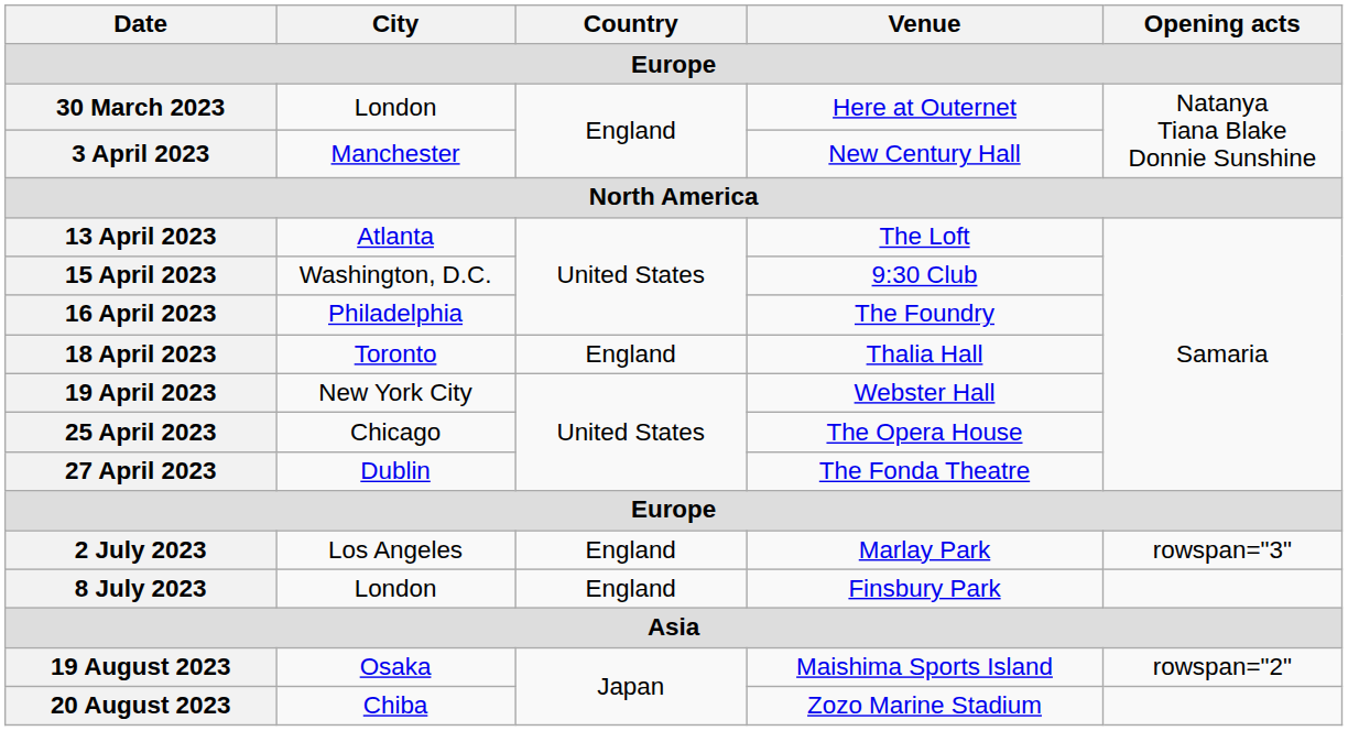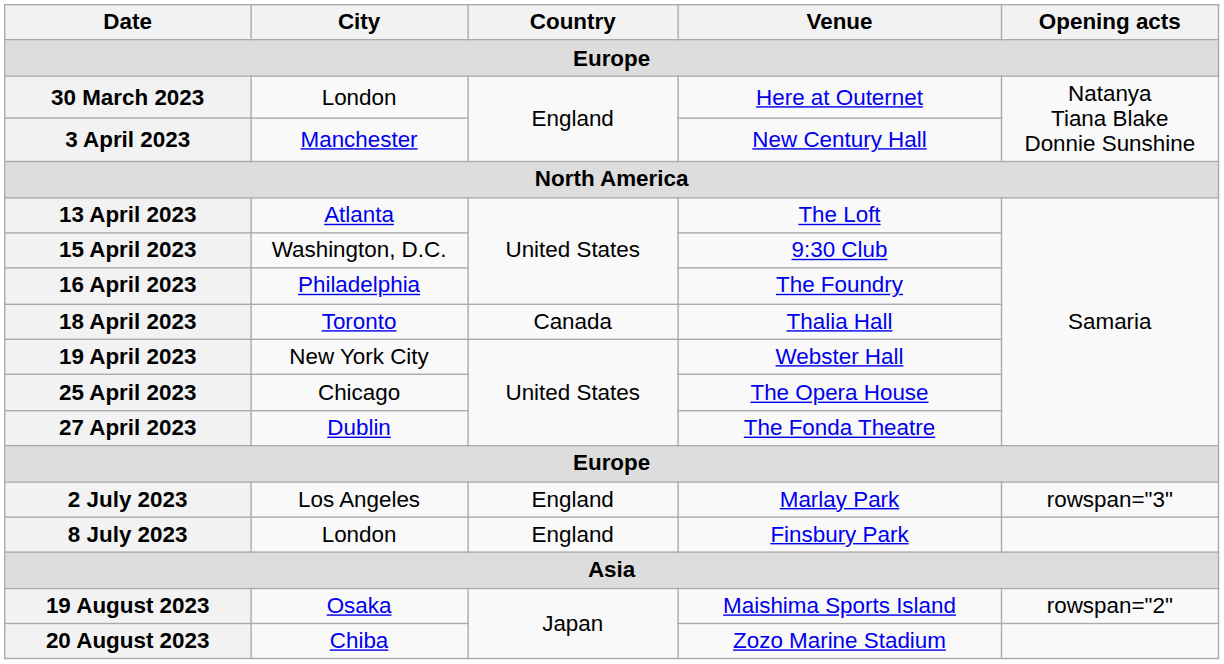 <table class="wikitable plainrowheaders" style="text-align:center;">
 <tr>
 <th scope="col" style="width:12em;">Date</th>
 <th scope="col" style="width:10em;">City</th>
 <th scope="col" style="width:10em;">Country</th>
 <th scope="col" style="width:16em;">Venue</th>
 <th scope="col" style="width:10em;">Opening acts</th>
 </tr>
 <tr>
 <th style="background:#dddddd;" colspan="7">Europe</th>
 </tr>
 <tr>
 <th scope="row" style="text-align:center;">30 March 2023</th>
 <td>London</td>
 <td rowspan="2">England</td>
 <td><a href='#'>Here at Outernet</a></td>
 <td rowspan="2">Natanya<br>Tiana Blake<br>Donnie Sunshine</td>
 </tr>
 <tr>
 <th scope="row" style="text-align:center;">3 April 2023</th>
 <td><a href='#'>Manchester</a></td>
 <td><a href='#'>New Century Hall</a></td>
 </tr>
 <tr>
 <th style="background:#dddddd;" colspan="7">North America</th>
 </tr>
 <tr>
 <th scope="row" style="text-align:center;">13 April 2023</th>
 <td><a href='#'>Atlanta</a></td>
 <td rowspan=3>United States</td>
 <td><a href='#'>The Loft</a></td>
 <td rowspan="7">Samaria</td>
 </tr>
 <tr>
 <th scope="row" style="text-align:center;">15 April 2023</th>
 <td>Washington, D.C.</td>
 <td><a href='#'>9:30 Club</a></td>
 </tr>
 <tr>
 <th scope="row" style="text-align:center;">16 April 2023</th>
 <td><a href='#'>Philadelphia</a></td>
 <td><a href='#'>The Foundry</a></td>
 </tr>
 <tr>
 <th scope="row" style="text-align:center;">18 April 2023</th>
 <td><a href='#'>Toronto</a></td>
-<td>England</td>
+<td>Canada</td>
 <td><a href='#'>Thalia Hall</a></td>
 </tr>
 <tr>
 <th scope="row" style="text-align:center;">19 April 2023</th>
 <td>New York City</td>
 <td rowspan=3>United States</td>
 <td><a href='#'>Webster Hall</a></td>
 </tr>
 <tr>
 <th scope="row" style="text-align:center;">25 April 2023</th>
 <td>Chicago</td>
 <td><a href='#'>The Opera House</a></td>
 </tr>
 <tr>
 <th scope="row" style="text-align:center;">27 April 2023</th>
 <td><a href='#'>Dublin</a></td>
 <td><a href='#'>The Fonda Theatre</a></td>
 </tr>
 <tr>
 <th style="background:#dddddd;" colspan="7">Europe</th>
 </tr>
 <tr>
 <th scope="row" style="text-align:center;">2 July 2023</th>
 <td>Los Angeles</td>
 <td>England</td>
 <td><a href='#'>Marlay Park</a></td>
 <td>rowspan="3" </td>
 </tr>
 <tr>
 <th scope="row" style="text-align:center;">8 July 2023</th>
 <td>London</td>
 <td>England</td>
 <td><a href='#'>Finsbury Park</a></td>
 </tr>
 <tr>
 <th style="background:#dddddd;" colspan="7">Asia</th>
 </tr>
 <tr>
 <th scope="row" style="text-align:center;">19 August 2023</th>
 <td><a href='#'>Osaka</a></td>
 <td rowspan="2">Japan</td>
 <td><a href='#'>Maishima Sports Island</a></td>
 <td>rowspan="2" </td>
 </tr>
 <tr>
 <th scope="row" style="text-align:center;">20 August 2023</th>
 <td><a href='#'>Chiba</a></td>
 <td><a href='#'>Zozo Marine Stadium</a></td>
 </tr>
 </table>
